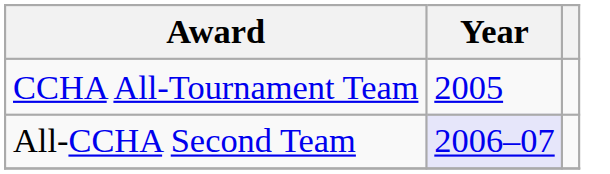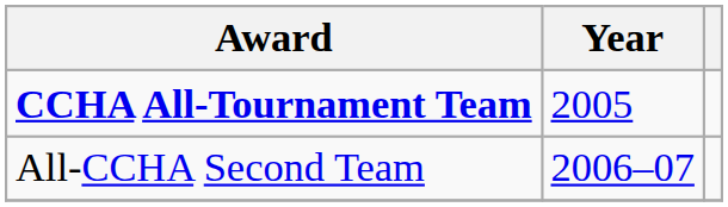 <table class="wikitable">
 <tr>
 <th>Award</th>
 <th>Year</th>
 <th></th>
 </tr>
 <tr>
-<td><a href='#'>CCHA</a> <a href='#'>All-Tournament Team</a></td>
+<td><strong><a href='#'>CCHA</a> <a href='#'>All-Tournament Team</a></strong></td>
 <td><a href='#'>2005</a></td>
 <td></td>
 </tr>
 <tr>
 <td>All-<a href='#'>CCHA</a> <a href='#'>Second Team</a></td>
-<td style="background: lavender;"><a href='#'>2006–07</a></td>
+<td><a href='#'>2006–07</a></td>
 <td></td>
 </tr>
 <tr>
 </tr>
 </table>
